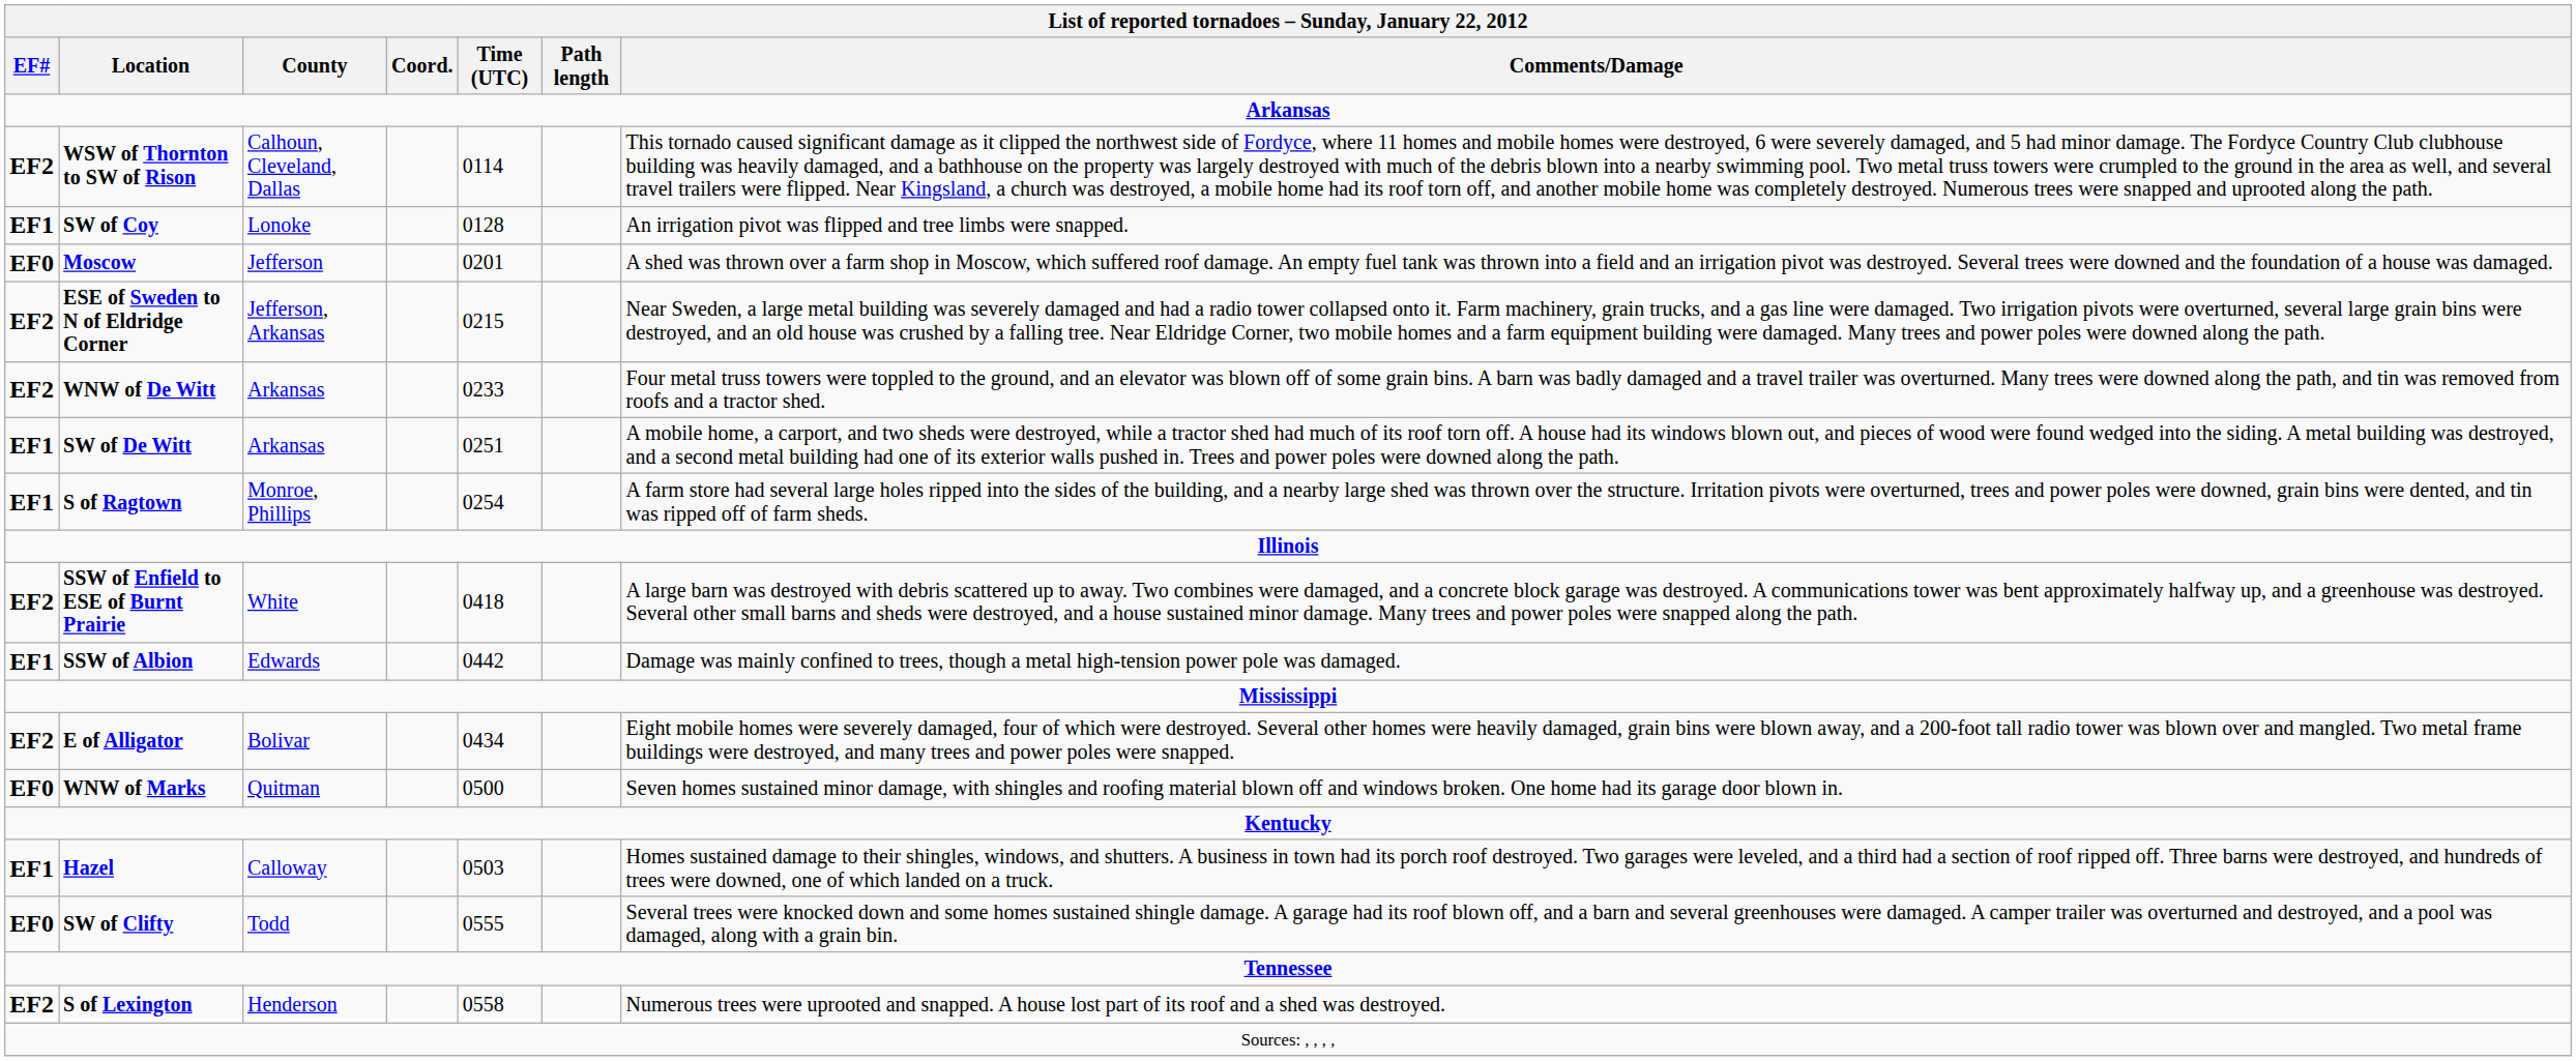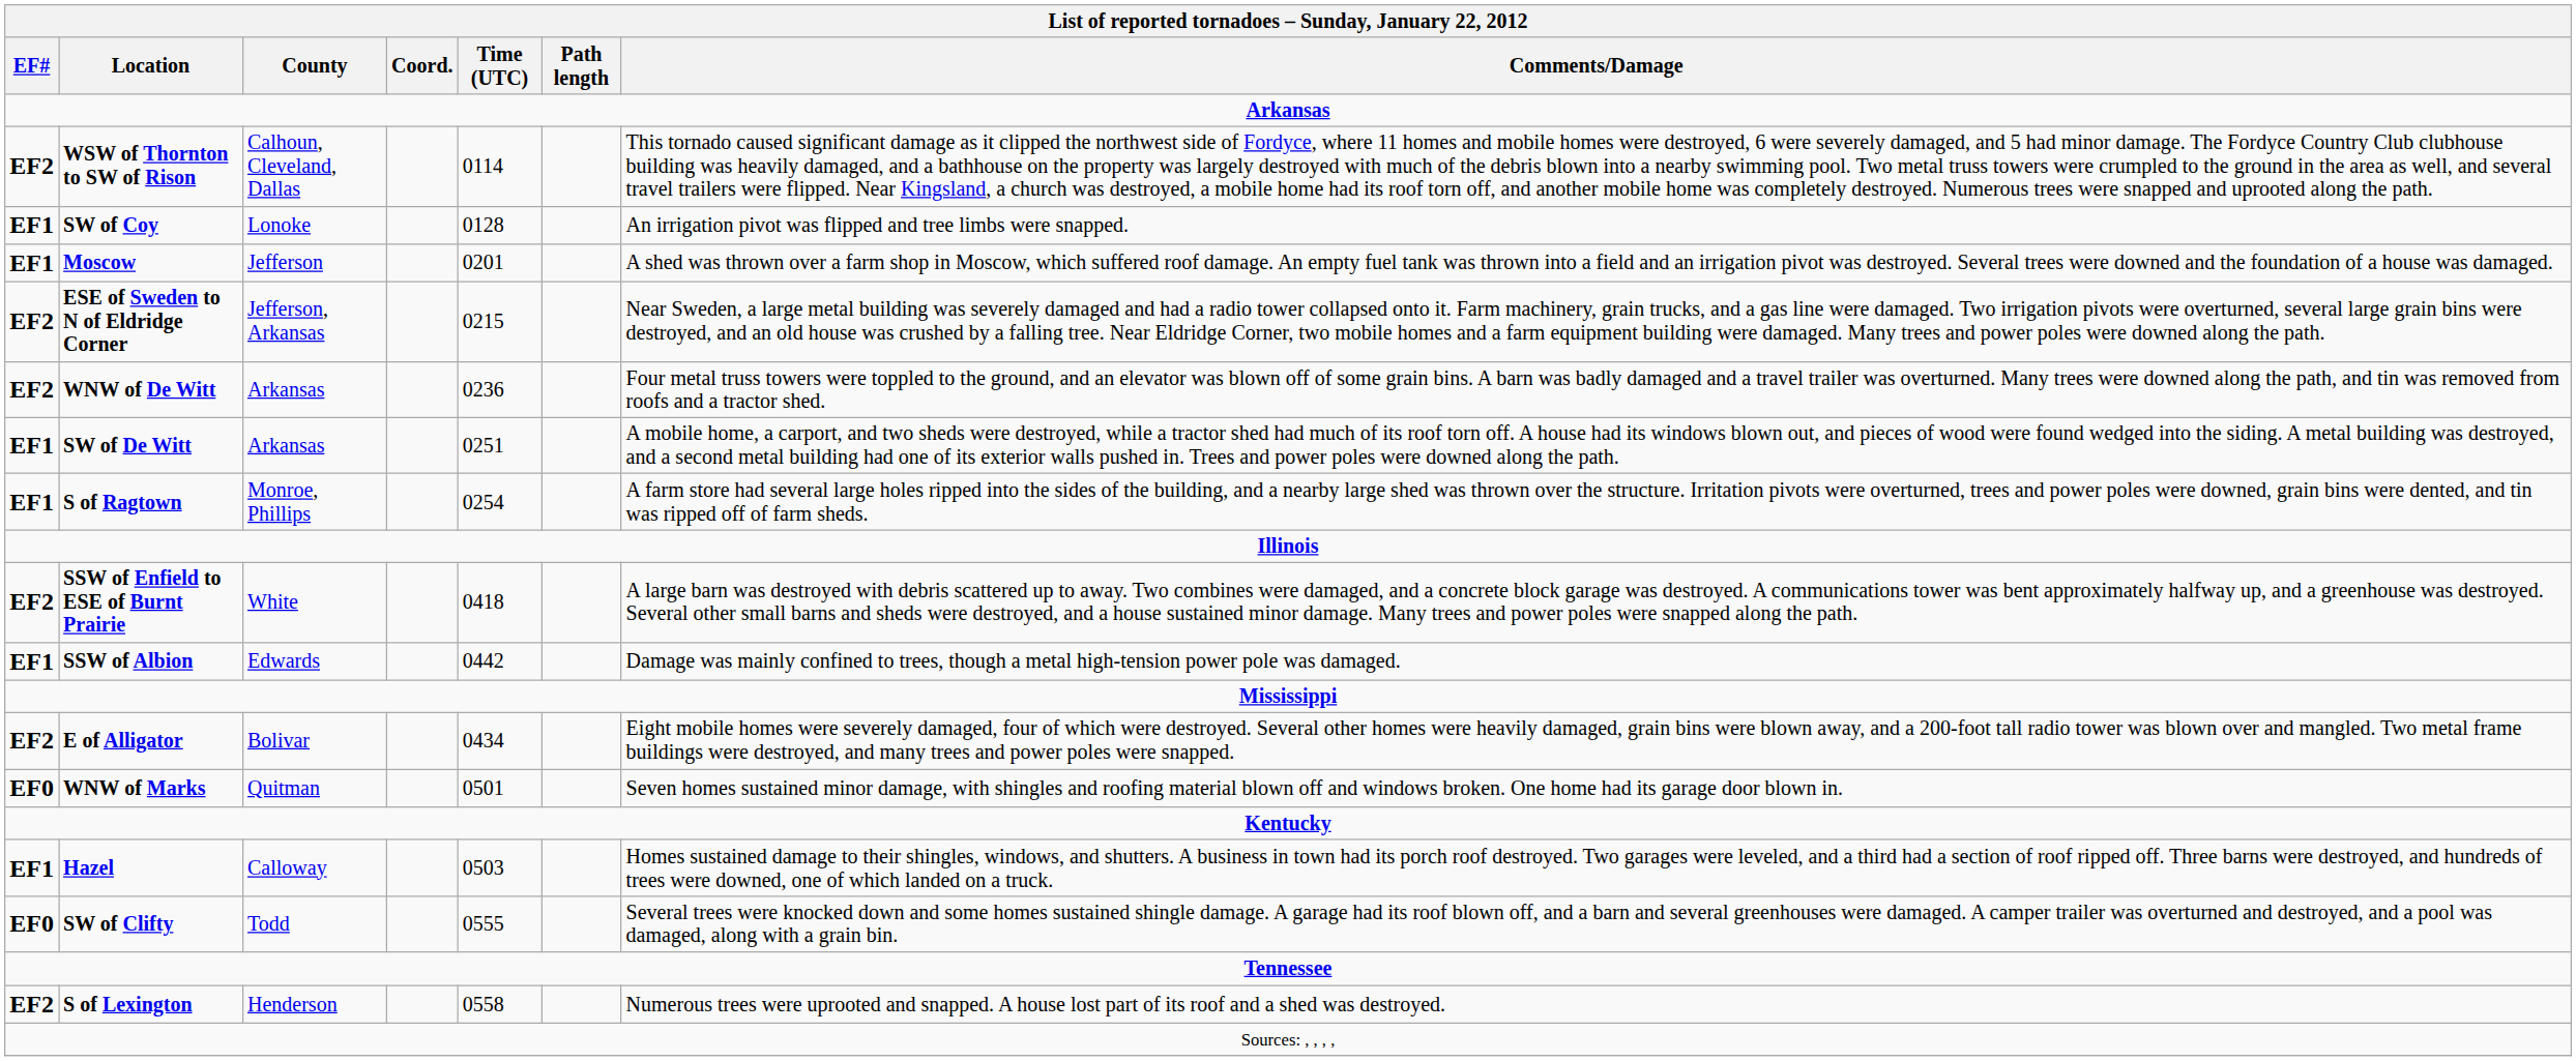 <table class="wikitable collapsible" width="100%">
 <tr>
 <th colspan="7">List of reported tornadoes – Sunday, January 22, 2012</th>
 </tr>
 <tr>
 <th><a href='#'>EF#</a></th>
 <th>Location</th>
 <th>County</th>
 <th>Coord.</th>
 <th>Time (UTC)</th>
 <th>Path length</th>
 <th>Comments/Damage</th>
 </tr>
 <tr>
 <td colspan="7" align=center><strong><a href='#'>Arkansas</a></strong></td>
 </tr>
 <tr>
 <td><big><strong>EF2</strong></big></td>
 <td><strong>WSW of <a href='#'>Thornton</a> to SW of <a href='#'>Rison</a></strong></td>
 <td><a href='#'>Calhoun</a>, <a href='#'>Cleveland</a>, <a href='#'>Dallas</a></td>
 <td></td>
 <td>0114</td>
 <td></td>
 <td>This tornado caused significant damage as it clipped the northwest side of <a href='#'>Fordyce</a>, where 11 homes and mobile homes were destroyed, 6 were severely damaged, and 5 had minor damage. The Fordyce Country Club clubhouse building was heavily damaged, and a bathhouse on the property was largely destroyed with much of the debris blown into a nearby swimming pool. Two metal truss towers were crumpled to the ground in the area as well, and several travel trailers were flipped. Near <a href='#'>Kingsland</a>, a church was destroyed, a mobile home had its roof torn off, and another mobile home was completely destroyed. Numerous trees were snapped and uprooted along the path.</td>
 </tr>
 <tr>
 <td><big><strong>EF1</strong></big></td>
 <td><strong>SW of <a href='#'>Coy</a></strong></td>
 <td><a href='#'>Lonoke</a></td>
 <td></td>
 <td>0128</td>
 <td></td>
 <td>An irrigation pivot was flipped and tree limbs were snapped.</td>
 </tr>
 <tr>
-<td><big><strong>EF0</strong></big></td>
+<td><big><strong>EF1</strong></big></td>
 <td><strong><a href='#'>Moscow</a> </strong></td>
 <td><a href='#'>Jefferson</a></td>
 <td></td>
 <td>0201</td>
 <td></td>
 <td>A shed was thrown over a farm shop in Moscow, which suffered roof damage. An empty fuel tank was thrown into a field and an irrigation pivot was destroyed. Several trees were downed and the foundation of a house was damaged.</td>
 </tr>
 <tr>
 <td><big><strong>EF2</strong></big></td>
 <td><strong>ESE of <a href='#'>Sweden</a> to N of Eldridge Corner</strong></td>
 <td><a href='#'>Jefferson</a>, <a href='#'>Arkansas</a></td>
 <td></td>
 <td>0215</td>
 <td></td>
 <td>Near Sweden, a large metal building was severely damaged and had a radio tower collapsed onto it. Farm machinery, grain trucks, and a gas line were damaged. Two irrigation pivots were overturned, several large grain bins were destroyed, and an old house was crushed by a falling tree. Near Eldridge Corner, two mobile homes and a farm equipment building were damaged. Many trees and power poles were downed along the path.</td>
 </tr>
 <tr>
 <td><big><strong>EF2</strong></big></td>
 <td><strong>WNW of <a href='#'>De Witt</a></strong></td>
 <td><a href='#'>Arkansas</a></td>
 <td></td>
-<td>0233</td>
+<td>0236</td>
 <td></td>
 <td>Four metal truss towers were toppled to the ground, and an elevator was blown off of some grain bins. A barn was badly damaged and a travel trailer was overturned. Many trees were downed along the path, and tin was removed from roofs and a tractor shed.</td>
 </tr>
 <tr>
 <td><big><strong>EF1</strong></big></td>
 <td><strong>SW of <a href='#'>De Witt</a></strong></td>
 <td><a href='#'>Arkansas</a></td>
 <td></td>
 <td>0251</td>
 <td></td>
 <td>A mobile home, a carport, and two sheds were destroyed, while a tractor shed had much of its roof torn off. A house had its windows blown out, and pieces of wood were found wedged into the siding. A metal building was destroyed, and a second metal building had one of its exterior walls pushed in. Trees and power poles were downed along the path.</td>
 </tr>
 <tr>
 <td><big><strong>EF1</strong></big></td>
 <td><strong>S of <a href='#'>Ragtown</a></strong></td>
 <td><a href='#'>Monroe</a>, <a href='#'>Phillips</a></td>
 <td></td>
 <td>0254</td>
 <td></td>
 <td>A farm store had several large holes ripped into the sides of the building, and a nearby large shed was thrown over the structure. Irritation pivots were overturned, trees and power poles were downed, grain bins were dented, and tin was ripped off of farm sheds.</td>
 </tr>
 <tr>
 <td colspan="7" align=center><strong><a href='#'>Illinois</a></strong></td>
 </tr>
 <tr>
 <td><big><strong>EF2</strong></big></td>
 <td><strong>SSW of <a href='#'>Enfield</a> to ESE of <a href='#'>Burnt Prairie</a></strong></td>
 <td><a href='#'>White</a></td>
 <td></td>
 <td>0418</td>
 <td></td>
 <td>A large barn was destroyed with debris scattered up to  away. Two combines were damaged, and a concrete block garage was destroyed. A  communications tower was bent approximately halfway up, and a greenhouse was destroyed. Several other small barns and sheds were destroyed, and a house sustained minor damage. Many trees and power poles were snapped along the path.</td>
 </tr>
 <tr>
 <td><big><strong>EF1</strong></big></td>
 <td><strong>SSW of <a href='#'>Albion</a></strong></td>
 <td><a href='#'>Edwards</a></td>
 <td></td>
 <td>0442</td>
 <td></td>
 <td>Damage was mainly confined to trees, though a metal high-tension power pole was damaged.</td>
 </tr>
 <tr>
 <td colspan="7" align=center><strong><a href='#'>Mississippi</a></strong></td>
 </tr>
 <tr>
 <td><big><strong>EF2</strong></big></td>
 <td><strong>E of <a href='#'>Alligator</a></strong></td>
 <td><a href='#'>Bolivar</a></td>
 <td></td>
 <td>0434</td>
 <td></td>
 <td>Eight mobile homes were severely damaged, four of which were destroyed. Several other homes were heavily damaged, grain bins were blown away, and a 200-foot tall radio tower was blown over and mangled. Two metal frame buildings were destroyed, and many trees and power poles were snapped.</td>
 </tr>
 <tr>
 <td><big><strong>EF0</strong></big></td>
 <td><strong>WNW of <a href='#'>Marks</a></strong></td>
 <td><a href='#'>Quitman</a></td>
 <td></td>
-<td>0500</td>
+<td>0501</td>
 <td></td>
 <td>Seven homes sustained minor damage, with shingles and roofing material blown off and windows broken. One home had its garage door blown in.</td>
 </tr>
 <tr>
 <td colspan="7" align=center><strong><a href='#'>Kentucky</a></strong></td>
 </tr>
 <tr>
 <td><big><strong>EF1</strong></big></td>
 <td><strong><a href='#'>Hazel</a></strong></td>
 <td><a href='#'>Calloway</a></td>
 <td></td>
 <td>0503</td>
 <td></td>
 <td>Homes sustained damage to their shingles, windows, and shutters. A business in town had its porch roof destroyed. Two garages were leveled, and a third had a section of roof ripped off. Three barns were destroyed, and hundreds of trees were downed, one of which landed on a truck.</td>
 </tr>
 <tr>
 <td><big><strong>EF0</strong></big></td>
 <td><strong>SW of <a href='#'>Clifty</a></strong></td>
 <td><a href='#'>Todd</a></td>
 <td></td>
 <td>0555</td>
 <td></td>
 <td>Several trees were knocked down and some homes sustained shingle damage. A garage had its roof blown off, and a barn and several greenhouses were damaged. A camper trailer was overturned and destroyed, and a pool was damaged, along with a grain bin.</td>
 </tr>
 <tr>
 <td colspan="7" align=center><strong><a href='#'>Tennessee</a></strong></td>
 </tr>
 <tr>
 <td><big><strong>EF2</strong></big></td>
 <td><strong>S of <a href='#'>Lexington</a></strong></td>
 <td><a href='#'>Henderson</a></td>
 <td></td>
 <td>0558</td>
 <td></td>
 <td>Numerous trees were uprooted and snapped. A house lost part of its roof and a shed was destroyed.</td>
 </tr>
 <tr>
 <td colspan="7" align=center><small>Sources: , , , ,  </small></td>
 </tr>
 <tr>
 </tr>
 </table>
